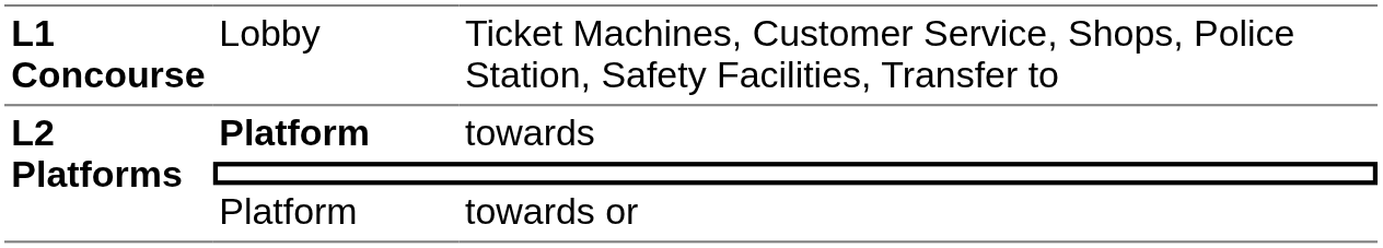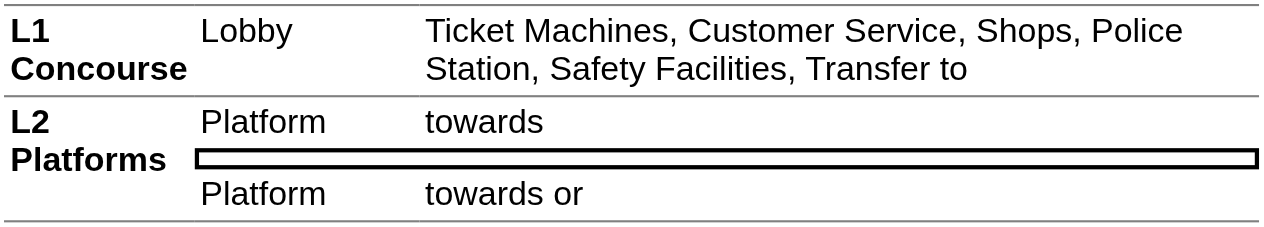 <table table border=0 cellspacing=0 cellpadding=3>
 <tr>
 <td style="border-bottom:solid 1px gray; border-top:solid 1px gray;" valign=top width=50><strong>L1<br>Concourse</strong></td>
 <td style="border-bottom:solid 1px gray; border-top:solid 1px gray;" valign=top width=100>Lobby</td>
 <td style="border-bottom:solid 1px gray; border-top:solid 1px gray;" valign=top width=390>Ticket Machines, Customer Service, Shops, Police Station, Safety Facilities, Transfer to </td>
 </tr>
 <tr>
 <td style="border-bottom:solid 1px gray;" rowspan=3 valign=top><strong>L2<br>Platforms</strong></td>
-<td><strong>Platform </strong></td>
+<td>Platform </td>
 <td>  towards  </td>
 </tr>
 <tr>
 <td style="border-right:solid 2px black;border-left:solid 2px black;border-top:solid 2px black;border-bottom:solid 2px black;text-align:center;" colspan=2></td>
 </tr>
 <tr>
 <td style="border-bottom:solid 1px gray;">Platform </td>
 <td style="border-bottom:solid 1px gray;"> towards  or   </td>
 </tr>
 </table>
